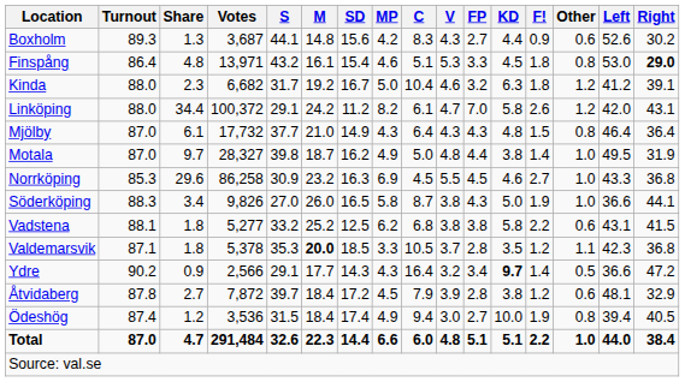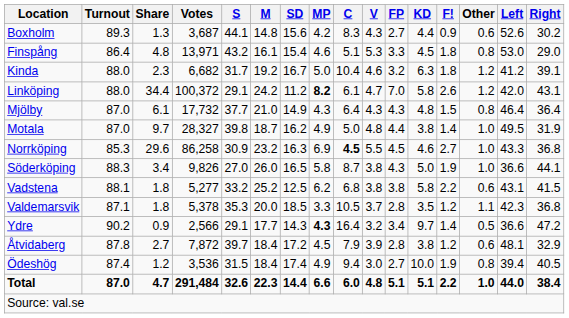 <table class="wikitable sortable" style=text-align:right>
 <tr>
 <th>Location</th>
 <th>Turnout</th>
 <th>Share</th>
 <th>Votes</th>
 <th><a href='#'>S</a></th>
 <th><a href='#'>M</a></th>
 <th><a href='#'>SD</a></th>
 <th><a href='#'>MP</a></th>
 <th><a href='#'>C</a></th>
 <th><a href='#'>V</a></th>
 <th><a href='#'>FP</a></th>
 <th><a href='#'>KD</a></th>
 <th><a href='#'>F!</a></th>
 <th>Other</th>
 <th><a href='#'>Left</a></th>
 <th><a href='#'>Right</a></th>
 </tr>
 <tr>
 <td align=left><a href='#'>Boxholm</a></td>
 <td>89.3</td>
 <td>1.3</td>
 <td>3,687</td>
 <td>44.1</td>
 <td>14.8</td>
 <td>15.6</td>
 <td>4.2</td>
 <td>8.3</td>
 <td>4.3</td>
 <td>2.7</td>
 <td>4.4</td>
 <td>0.9</td>
 <td>0.6</td>
 <td>52.6</td>
 <td>30.2</td>
 </tr>
 <tr>
 <td align=left><a href='#'>Finspång</a></td>
 <td>86.4</td>
 <td>4.8</td>
 <td>13,971</td>
 <td>43.2</td>
 <td>16.1</td>
 <td>15.4</td>
 <td>4.6</td>
 <td>5.1</td>
 <td>5.3</td>
 <td>3.3</td>
 <td>4.5</td>
 <td>1.8</td>
 <td>0.8</td>
 <td>53.0</td>
-<td><strong>29.0</strong></td>
+<td>29.0</td>
 </tr>
 <tr>
 <td align=left><a href='#'>Kinda</a></td>
 <td>88.0</td>
 <td>2.3</td>
 <td>6,682</td>
 <td>31.7</td>
 <td>19.2</td>
 <td>16.7</td>
 <td>5.0</td>
 <td>10.4</td>
 <td>4.6</td>
 <td>3.2</td>
 <td>6.3</td>
 <td>1.8</td>
 <td>1.2</td>
 <td>41.2</td>
 <td>39.1</td>
 </tr>
 <tr>
 <td align=left><a href='#'>Linköping</a></td>
 <td>88.0</td>
 <td>34.4</td>
 <td>100,372</td>
 <td>29.1</td>
 <td>24.2</td>
 <td>11.2</td>
-<td>8.2</td>
+<td><strong>8.2</strong></td>
 <td>6.1</td>
 <td>4.7</td>
 <td>7.0</td>
 <td>5.8</td>
 <td>2.6</td>
 <td>1.2</td>
 <td>42.0</td>
 <td>43.1</td>
 </tr>
 <tr>
 <td align=left><a href='#'>Mjölby</a></td>
 <td>87.0</td>
 <td>6.1</td>
 <td>17,732</td>
 <td>37.7</td>
 <td>21.0</td>
 <td>14.9</td>
 <td>4.3</td>
 <td>6.4</td>
 <td>4.3</td>
 <td>4.3</td>
 <td>4.8</td>
 <td>1.5</td>
 <td>0.8</td>
 <td>46.4</td>
 <td>36.4</td>
 </tr>
 <tr>
 <td align=left><a href='#'>Motala</a></td>
 <td>87.0</td>
 <td>9.7</td>
 <td>28,327</td>
 <td>39.8</td>
 <td>18.7</td>
 <td>16.2</td>
 <td>4.9</td>
 <td>5.0</td>
 <td>4.8</td>
 <td>4.4</td>
 <td>3.8</td>
 <td>1.4</td>
 <td>1.0</td>
 <td>49.5</td>
 <td>31.9</td>
 </tr>
 <tr>
 <td align=left><a href='#'>Norrköping</a></td>
 <td>85.3</td>
 <td>29.6</td>
 <td>86,258</td>
 <td>30.9</td>
 <td>23.2</td>
 <td>16.3</td>
 <td>6.9</td>
-<td>4.5</td>
+<td><strong>4.5</strong></td>
 <td>5.5</td>
 <td>4.5</td>
 <td>4.6</td>
 <td>2.7</td>
 <td>1.0</td>
 <td>43.3</td>
 <td>36.8</td>
 </tr>
 <tr>
 <td align=left><a href='#'>Söderköping</a></td>
 <td>88.3</td>
 <td>3.4</td>
 <td>9,826</td>
 <td>27.0</td>
 <td>26.0</td>
 <td>16.5</td>
 <td>5.8</td>
 <td>8.7</td>
 <td>3.8</td>
 <td>4.3</td>
 <td>5.0</td>
 <td>1.9</td>
 <td>1.0</td>
 <td>36.6</td>
 <td>44.1</td>
 </tr>
 <tr>
 <td align=left><a href='#'>Vadstena</a></td>
 <td>88.1</td>
 <td>1.8</td>
 <td>5,277</td>
 <td>33.2</td>
 <td>25.2</td>
 <td>12.5</td>
 <td>6.2</td>
 <td>6.8</td>
 <td>3.8</td>
 <td>3.8</td>
 <td>5.8</td>
 <td>2.2</td>
 <td>0.6</td>
 <td>43.1</td>
 <td>41.5</td>
 </tr>
 <tr>
 <td align=left><a href='#'>Valdemarsvik</a></td>
 <td>87.1</td>
 <td>1.8</td>
 <td>5,378</td>
 <td>35.3</td>
-<td><strong>20.0</strong></td>
+<td>20.0</td>
 <td>18.5</td>
 <td>3.3</td>
 <td>10.5</td>
 <td>3.7</td>
 <td>2.8</td>
 <td>3.5</td>
 <td>1.2</td>
 <td>1.1</td>
 <td>42.3</td>
 <td>36.8</td>
 </tr>
 <tr>
 <td align=left><a href='#'>Ydre</a></td>
 <td>90.2</td>
 <td>0.9</td>
 <td>2,566</td>
 <td>29.1</td>
 <td>17.7</td>
 <td>14.3</td>
-<td>4.3</td>
+<td><strong>4.3</strong></td>
 <td>16.4</td>
 <td>3.2</td>
 <td>3.4</td>
-<td><strong>9.7</strong></td>
+<td>9.7</td>
 <td>1.4</td>
 <td>0.5</td>
 <td>36.6</td>
 <td>47.2</td>
 </tr>
 <tr>
 <td align=left><a href='#'>Åtvidaberg</a></td>
 <td>87.8</td>
 <td>2.7</td>
 <td>7,872</td>
 <td>39.7</td>
 <td>18.4</td>
 <td>17.2</td>
 <td>4.5</td>
 <td>7.9</td>
 <td>3.9</td>
 <td>2.8</td>
 <td>3.8</td>
 <td>1.2</td>
 <td>0.6</td>
 <td>48.1</td>
 <td>32.9</td>
 </tr>
 <tr>
 <td align=left><a href='#'>Ödeshög</a></td>
 <td>87.4</td>
 <td>1.2</td>
 <td>3,536</td>
 <td>31.5</td>
 <td>18.4</td>
 <td>17.4</td>
 <td>4.9</td>
 <td>9.4</td>
 <td>3.0</td>
 <td>2.7</td>
 <td>10.0</td>
 <td>1.9</td>
 <td>0.8</td>
 <td>39.4</td>
 <td>40.5</td>
 </tr>
 <tr>
 <td align=left><strong>Total</strong></td>
 <td><strong>87.0</strong></td>
 <td><strong>4.7</strong></td>
 <td><strong>291,484</strong></td>
 <td><strong>32.6</strong></td>
 <td><strong>22.3</strong></td>
 <td><strong>14.4</strong></td>
 <td><strong>6.6</strong></td>
 <td><strong>6.0</strong></td>
 <td><strong>4.8</strong></td>
 <td><strong>5.1</strong></td>
 <td><strong>5.1</strong></td>
 <td><strong>2.2</strong></td>
 <td><strong>1.0</strong></td>
 <td><strong>44.0</strong></td>
 <td><strong>38.4</strong></td>
 </tr>
 <tr>
 <td align=left colspan=16>Source: val.se </td>
 </tr>
 </table>
